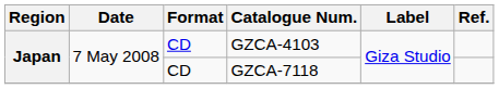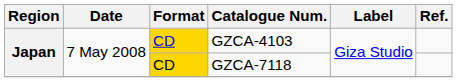 <table class="wikitable sortable plainrowheaders">
 <tr>
 <th scope="col">Region</th>
 <th scope="col">Date</th>
 <th scope="col">Format</th>
 <th scope="col">Catalogue Num.</th>
 <th scope="col">Label</th>
 <th scope="col">Ref.</th>
 </tr>
 <tr>
 <th scope="row" rowspan="2">Japan</th>
 <td rowspan="2">7 May 2008</td>
-<td><a href='#'>CD</a> </td>
+<td style="background: gold;"><a href='#'>CD</a> </td>
 <td>GZCA-4103</td>
 <td rowspan="2"><a href='#'>Giza Studio</a></td>
 <td></td>
 </tr>
 <tr>
-<td>CD </td>
+<td style="background: gold;">CD </td>
 <td>GZCA-7118</td>
 <td></td>
 </tr>
 <tr>
 </tr>
 </table>
